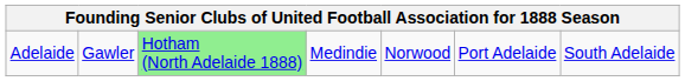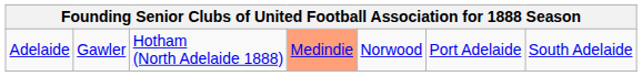 <table class="wikitable" style="margin:0.2em auto">
 <tr>
 <th colspan="8">Founding Senior Clubs of United Football Association for 1888 Season</th>
 </tr>
 <tr>
 <td><a href='#'>Adelaide</a></td>
 <td><a href='#'>Gawler</a></td>
-<td style="background: lightgreen;"><a href='#'>Hotham <br>(North Adelaide 1888)</a></td>
-<td><a href='#'>Medindie</a></td>
+<td><a href='#'>Hotham <br>(North Adelaide 1888)</a></td>
+<td style="background: lightsalmon;"><a href='#'>Medindie</a></td>
 <td><a href='#'>Norwood</a></td>
 <td><a href='#'>Port Adelaide</a></td>
 <td><a href='#'>South Adelaide</a></td>
 </tr>
 </table>
